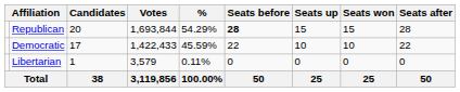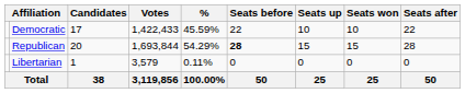 <table class="wikitable">
 <tr>
 <th colspan="2">Affiliation</th>
 <th>Candidates</th>
 <th>Votes</th>
 <th>%</th>
 <th>Seats before</th>
 <th>Seats up</th>
 <th>Seats won</th>
 <th>Seats after</th>
 </tr>
 <tr>
 <td style="background-color:"></td>
+<td><a href='#'>Democratic</a></td>
+<td>17</td>
+<td>1,422,433</td>
+<td>45.59%</td>
+<td>22</td>
+<td>10</td>
+<td>10</td>
+<td>22</td>
+</tr>
+<tr>
+<td style="background-color:"></td>
 <td><a href='#'>Republican</a></td>
 <td>20</td>
 <td>1,693,844</td>
 <td>54.29%</td>
 <td><strong>28</strong></td>
 <td>15</td>
 <td>15</td>
 <td>28</td>
-</tr>
-<tr>
-<td style="background-color:"></td>
-<td><a href='#'>Democratic</a></td>
-<td>17</td>
-<td>1,422,433</td>
-<td>45.59%</td>
-<td>22</td>
-<td>10</td>
-<td>10</td>
-<td>22</td>
 </tr>
 <tr>
 <td style="background-color:"></td>
 <td><a href='#'>Libertarian</a></td>
 <td>1</td>
 <td>3,579</td>
 <td>0.11%</td>
 <td>0</td>
 <td>0</td>
 <td>0</td>
 <td>0</td>
 </tr>
 <tr>
 <th colspan="2">Total</th>
 <th>38</th>
 <th>3,119,856</th>
 <th>100.00%</th>
 <th>50</th>
 <th>25</th>
 <th>25</th>
 <th>50</th>
 </tr>
 </table>
